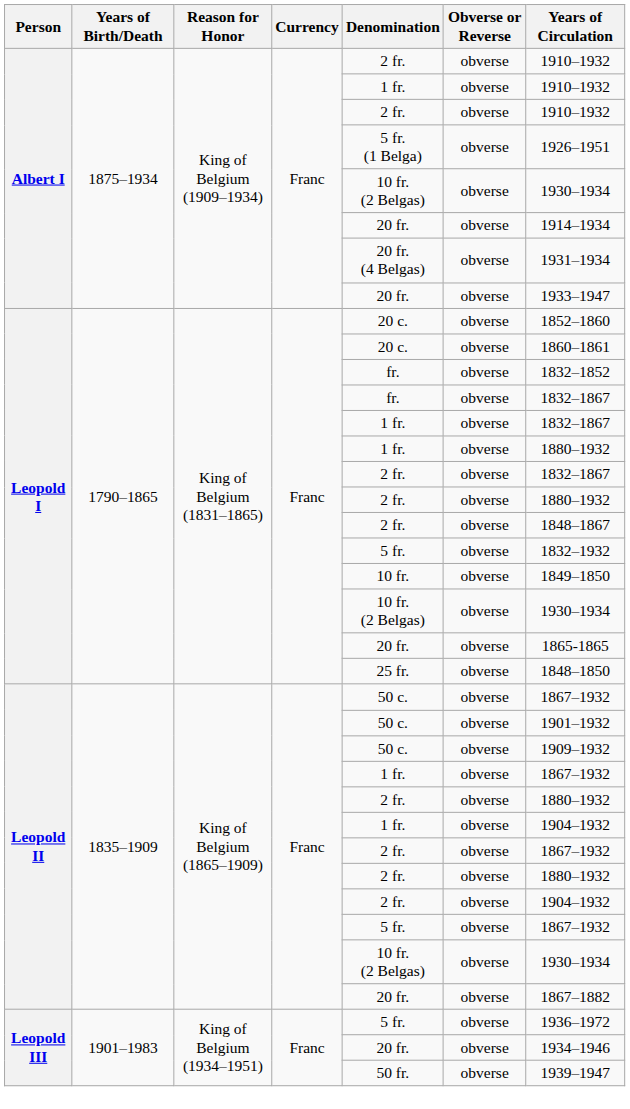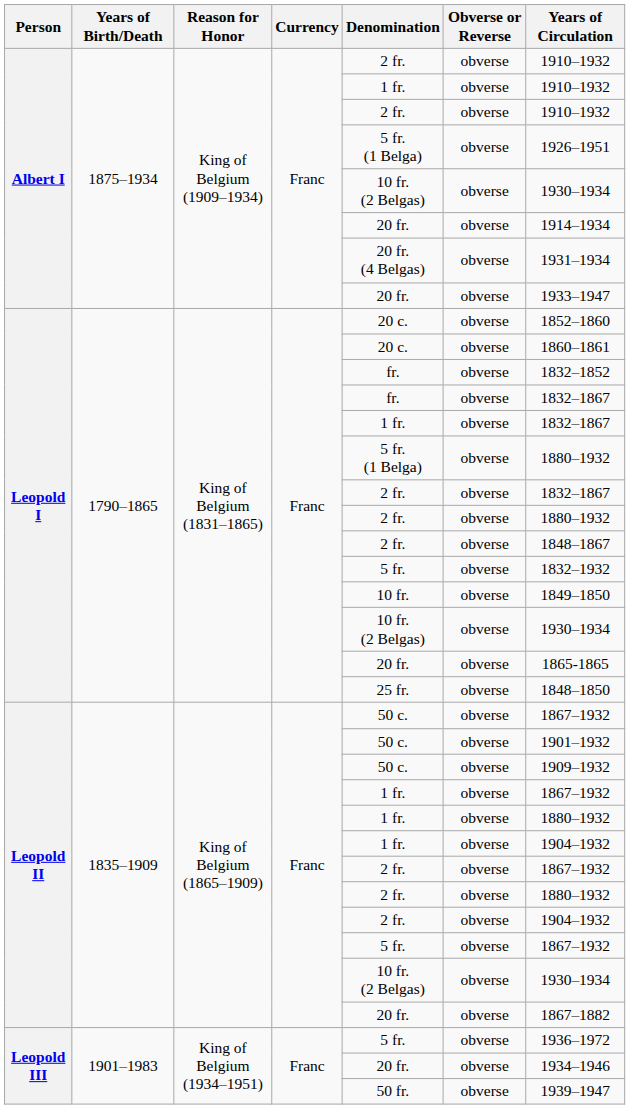 <table class="wikitable" style="font-size:95%; text-align:center;">
 <tr>
 <th>Person</th>
 <th>Years of Birth/Death</th>
 <th>Reason for Honor</th>
 <th>Currency</th>
 <th>Denomination</th>
 <th>Obverse or Reverse</th>
 <th>Years of Circulation</th>
 </tr>
 <tr>
 <th rowspan="8"><a href='#'>Albert I</a></th>
 <td rowspan="8">1875–1934</td>
 <td rowspan="8">King of Belgium (1909–1934)</td>
 <td rowspan="8">Franc</td>
 <td>2 fr.</td>
 <td>obverse</td>
 <td>1910–1932</td>
 </tr>
 <tr>
 <td>1 fr.</td>
 <td>obverse</td>
 <td>1910–1932</td>
 </tr>
 <tr>
 <td>2 fr.</td>
 <td>obverse</td>
 <td>1910–1932</td>
 </tr>
 <tr>
 <td>5 fr.<br>(1 Belga)</td>
 <td>obverse</td>
 <td>1926–1951</td>
 </tr>
 <tr>
 <td>10 fr.<br>(2 Belgas)</td>
 <td>obverse</td>
 <td>1930–1934</td>
 </tr>
 <tr>
 <td>20 fr.</td>
 <td>obverse</td>
 <td>1914–1934</td>
 </tr>
 <tr>
 <td>20 fr.<br>(4 Belgas)</td>
 <td>obverse</td>
 <td>1931–1934</td>
 </tr>
 <tr>
 <td>20 fr.</td>
 <td>obverse</td>
 <td>1933–1947</td>
 </tr>
 <tr>
 <th rowspan="14"><a href='#'>Leopold I</a></th>
 <td rowspan="14">1790–1865</td>
 <td rowspan="14">King of Belgium (1831–1865)</td>
 <td rowspan="14">Franc</td>
 <td>20 c.</td>
 <td>obverse</td>
 <td>1852–1860</td>
 </tr>
 <tr>
 <td>20 c.</td>
 <td>obverse</td>
 <td>1860–1861</td>
 </tr>
 <tr>
 <td><small></small> fr.</td>
 <td>obverse</td>
 <td>1832–1852</td>
 </tr>
 <tr>
 <td><small></small> fr.</td>
 <td>obverse</td>
 <td>1832–1867</td>
 </tr>
 <tr>
 <td>1 fr.</td>
 <td>obverse</td>
 <td>1832–1867</td>
 </tr>
 <tr>
-<td>1 fr.</td>
+<td>5 fr.<br>(1 Belga)</td>
 <td>obverse</td>
 <td>1880–1932</td>
 </tr>
 <tr>
 <td>2 fr.</td>
 <td>obverse</td>
 <td>1832–1867</td>
 </tr>
 <tr>
 <td>2 fr.</td>
 <td>obverse</td>
 <td>1880–1932</td>
 </tr>
 <tr>
 <td>2<small></small> fr.</td>
 <td>obverse</td>
 <td>1848–1867</td>
 </tr>
 <tr>
 <td>5 fr.</td>
 <td>obverse</td>
 <td>1832–1932</td>
 </tr>
 <tr>
 <td>10 fr.</td>
 <td>obverse</td>
 <td>1849–1850</td>
 </tr>
 <tr>
 <td>10 fr.<br>(2 Belgas)</td>
 <td>obverse</td>
 <td>1930–1934</td>
 </tr>
 <tr>
 <td>20 fr.</td>
 <td>obverse</td>
 <td>1865-1865</td>
 </tr>
 <tr>
 <td>25 fr.</td>
 <td>obverse</td>
 <td>1848–1850</td>
 </tr>
 <tr>
 <th rowspan="12"><a href='#'>Leopold II</a></th>
 <td rowspan="12">1835–1909</td>
 <td rowspan="12">King of Belgium (1865–1909)</td>
 <td rowspan="12">Franc</td>
 <td>50 c.</td>
 <td>obverse</td>
 <td>1867–1932</td>
 </tr>
 <tr>
 <td>50 c.</td>
 <td>obverse</td>
 <td>1901–1932</td>
 </tr>
 <tr>
 <td>50 c.</td>
 <td>obverse</td>
 <td>1909–1932</td>
 </tr>
 <tr>
 <td>1 fr.</td>
 <td>obverse</td>
 <td>1867–1932</td>
 </tr>
 <tr>
-<td>2 fr.</td>
+<td>1 fr.</td>
 <td>obverse</td>
 <td>1880–1932</td>
 </tr>
 <tr>
 <td>1 fr.</td>
 <td>obverse</td>
 <td>1904–1932</td>
 </tr>
 <tr>
 <td>2 fr.</td>
 <td>obverse</td>
 <td>1867–1932</td>
 </tr>
 <tr>
 <td>2 fr.</td>
 <td>obverse</td>
 <td>1880–1932</td>
 </tr>
 <tr>
 <td>2 fr.</td>
 <td>obverse</td>
 <td>1904–1932</td>
 </tr>
 <tr>
 <td>5 fr.</td>
 <td>obverse</td>
 <td>1867–1932</td>
 </tr>
 <tr>
 <td>10 fr.<br>(2 Belgas)</td>
 <td>obverse</td>
 <td>1930–1934</td>
 </tr>
 <tr>
 <td>20 fr.</td>
 <td>obverse</td>
 <td>1867–1882</td>
 </tr>
 <tr>
 <th rowspan="3"><a href='#'>Leopold III</a></th>
 <td rowspan="3">1901–1983</td>
 <td rowspan="3">King of Belgium (1934–1951)</td>
 <td rowspan="3">Franc</td>
 <td>5 fr.</td>
 <td>obverse</td>
 <td>1936–1972</td>
 </tr>
 <tr>
 <td>20 fr.</td>
 <td>obverse</td>
 <td>1934–1946</td>
 </tr>
 <tr>
 <td>50 fr.</td>
 <td>obverse</td>
 <td>1939–1947</td>
 </tr>
 </table>
